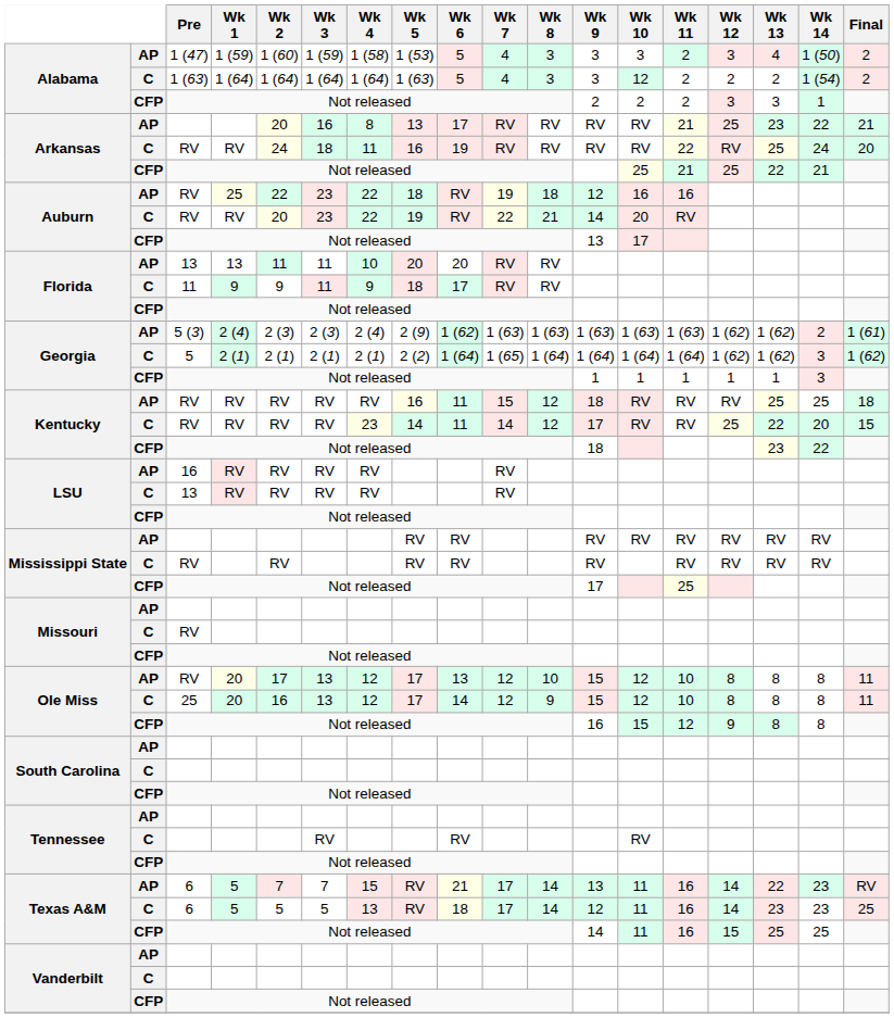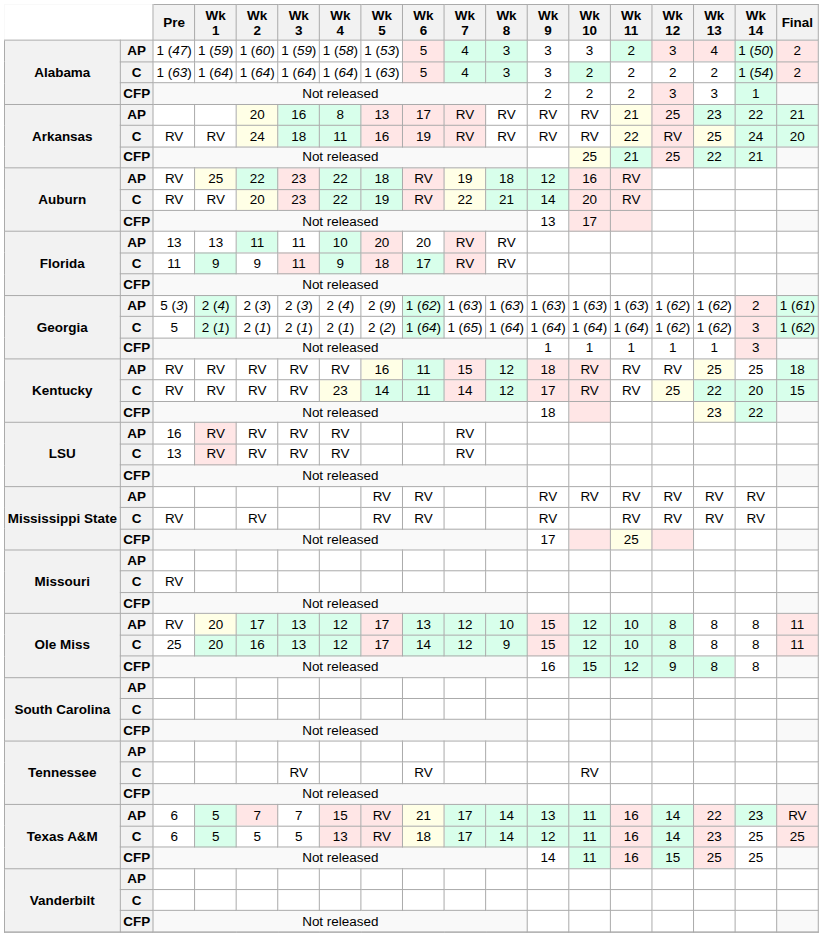 <table class="wikitable" style="white-space:nowrap;font-size:85%;">
 <tr>
 <th colspan=2 style="background:white; border-top-style:hidden; border-left-style:hidden;"> </th>
 <th>Pre</th>
 <th>Wk<br>1</th>
 <th>Wk<br>2</th>
 <th>Wk<br>3</th>
 <th>Wk<br>4</th>
 <th>Wk<br>5</th>
 <th>Wk<br>6</th>
 <th>Wk<br>7</th>
 <th>Wk<br>8</th>
 <th>Wk<br>9</th>
 <th>Wk<br>10</th>
 <th>Wk<br>11</th>
 <th>Wk<br>12</th>
 <th>Wk<br>13</th>
 <th>Wk<br>14</th>
 <th>Final</th>
 </tr>
 <tr style="text-align:center;">
 <th rowspan="3">Alabama</th>
 <th>AP</th>
 <td style="background:#FFF;">1 (<em>47</em>)</td>
 <td style="background:#FFF;">1 (<em>59</em>)</td>
 <td style="background:#FFF;">1 (<em>60</em>)</td>
 <td style="background:#FFF;">1 (<em>59</em>)</td>
 <td style="background:#FFF;">1 (<em>58</em>)</td>
 <td style="background:#FFF;">1 (<em>53</em>)</td>
 <td style="background:#ffe6e6;">5</td>
 <td style="background:#d8ffeb;">4</td>
 <td style="background:#d8ffeb;">3</td>
 <td style="background:#FFF;">3</td>
 <td style="background:#FFF;">3</td>
 <td style="background:#d8ffeb;">2</td>
 <td style="background:#ffe6e6;">3</td>
 <td style="background:#ffe6e6;">4</td>
 <td style="background:#d8ffeb;">1 (<em>50</em>)</td>
 <td style="background:#ffe6e6;">2</td>
 </tr>
 <tr style="text-align:center;">
 <th>C</th>
 <td style="background:#FFF;">1 (<em>63</em>)</td>
 <td style="background:#FFF;">1 (<em>64</em>)</td>
 <td style="background:#FFF;">1 (<em>64</em>)</td>
 <td style="background:#FFF;">1 (<em>64</em>)</td>
 <td style="background:#FFF;">1 (<em>64</em>)</td>
 <td style="background:#FFF;">1 (<em>63</em>)</td>
 <td style="background:#ffe6e6;">5</td>
 <td style="background:#d8ffeb;">4</td>
 <td style="background:#d8ffeb;">3</td>
 <td style="background:#FFF;">3</td>
-<td style="background:#d8ffeb;">12</td>
+<td style="background:#d8ffeb;">2</td>
 <td style="background:#FFF;">2</td>
 <td style="background:#FFF;">2</td>
 <td style="background:#FFF;">2</td>
 <td style="background:#d8ffeb;">1 (<em>54</em>)</td>
 <td style="background:#ffe6e6;">2</td>
 </tr>
 <tr style="text-align:center;">
 <th>CFP</th>
 <td colspan="9" style="text-align:center;">Not released</td>
 <td style="background:#FFF;">2</td>
 <td style="background:#FFF;">2</td>
 <td style="background:#FFF;">2</td>
 <td style="background:#ffe6e6;">3</td>
 <td style="background:#FFF;">3</td>
 <td style="background:#d8ffeb;">1</td>
 <td style="text-align:center;"></td>
 </tr>
 <tr style="text-align:center;">
 <th rowspan="3">Arkansas</th>
 <th>AP</th>
 <td style="background:#FFF;"></td>
 <td style="background:#FFF;"></td>
 <td style="background:#ffffe6;">20</td>
 <td style="background:#d8ffeb;">16</td>
 <td style="background:#d8ffeb;">8</td>
 <td style="background:#ffe6e6;">13</td>
 <td style="background:#ffe6e6;">17</td>
 <td style="background:#ffe6e6;">RV</td>
 <td style="background:#FFF;">RV</td>
 <td style="background:#FFF;">RV</td>
 <td style="background:#FFF;">RV</td>
 <td style="background:#ffffe6;">21</td>
 <td style="background:#ffe6e6;">25</td>
 <td style="background:#d8ffeb;">23</td>
 <td style="background:#d8ffeb;">22</td>
 <td style="background:#d8ffeb;">21</td>
 </tr>
 <tr style="text-align:center;">
 <th>C</th>
 <td style="background:#FFF;">RV</td>
 <td style="background:#FFF;">RV</td>
 <td style="background:#ffffe6;">24</td>
 <td style="background:#d8ffeb;">18</td>
 <td style="background:#d8ffeb;">11</td>
 <td style="background:#ffe6e6;">16</td>
 <td style="background:#ffe6e6;">19</td>
 <td style="background:#ffe6e6;">RV</td>
 <td style="background:#FFF;">RV</td>
 <td style="background:#FFF;">RV</td>
 <td style="background:#FFF;">RV</td>
 <td style="background:#ffffe6;">22</td>
 <td style="background:#ffe6e6;">RV</td>
 <td style="background:#ffffe6;">25</td>
 <td style="background:#d8ffeb;">24</td>
 <td style="background:#d8ffeb;">20</td>
 </tr>
 <tr style="text-align:center;">
 <th>CFP</th>
 <td colspan="9" style="text-align:center;">Not released</td>
 <td style="background:#FFF;"></td>
 <td style="background:#ffffe6;">25</td>
 <td style="background:#d8ffeb;">21</td>
 <td style="background:#ffe6e6;">25</td>
 <td style="background:#d8ffeb;">22</td>
 <td style="background:#d8ffeb;">21</td>
 <td style="text-align:center;"></td>
 </tr>
 <tr style="text-align:center;">
 <th rowspan="3">Auburn</th>
 <th>AP</th>
 <td style="background:#FFF;">RV</td>
 <td style="background:#ffffe6;">25</td>
 <td style="background:#d8ffeb;">22</td>
 <td style="background:#ffe6e6;">23</td>
 <td style="background:#d8ffeb;">22</td>
 <td style="background:#d8ffeb;">18</td>
 <td style="background:#ffe6e6;">RV</td>
 <td style="background:#ffffe6;">19</td>
 <td style="background:#d8ffeb;">18</td>
 <td style="background:#d8ffeb;">12</td>
 <td style="background:#ffe6e6;">16</td>
-<td style="background:#ffe6e6;">16</td>
+<td style="background:#ffe6e6;">RV</td>
 <td style="background:#FFF;"></td>
 <td style="background:#FFF;"></td>
 <td style="background:#FFF;"></td>
 <td style="background:#FFF;"></td>
 </tr>
 <tr style="text-align:center;">
 <th>C</th>
 <td style="background:#FFF;">RV</td>
 <td style="background:#FFF;">RV</td>
 <td style="background:#ffffe6;">20</td>
 <td style="background:#ffe6e6;">23</td>
 <td style="background:#d8ffeb;">22</td>
 <td style="background:#d8ffeb;">19</td>
 <td style="background:#ffe6e6;">RV</td>
 <td style="background:#ffffe6;">22</td>
 <td style="background:#d8ffeb;">21</td>
 <td style="background:#d8ffeb;">14</td>
 <td style="background:#ffe6e6;">20</td>
 <td style="background:#ffe6e6;">RV</td>
 <td style="background:#FFF;"></td>
 <td style="background:#FFF;"></td>
 <td style="background:#FFF;"></td>
 <td style="background:#FFF;"></td>
 </tr>
 <tr style="text-align:center;">
 <th>CFP</th>
 <td colspan="9" style="text-align:center;">Not released</td>
 <td style="background:#FFF;">13</td>
 <td style="background:#ffe6e6;">17</td>
 <td style="background:#ffe6e6;"></td>
 <td style="background:#FFF;"></td>
 <td style="background:#FFF;"></td>
 <td style="background:#FFF;"></td>
 <td style="text-align:center;"></td>
 </tr>
 <tr style="text-align:center;">
 <th rowspan="3">Florida</th>
 <th>AP</th>
 <td style="background:#FFF;">13</td>
 <td style="background:#FFF;">13</td>
 <td style="background:#d8ffeb;">11</td>
 <td style="background:#FFF;">11</td>
 <td style="background:#d8ffeb;">10</td>
 <td style="background:#ffe6e6;">20</td>
 <td style="background:#FFF;">20</td>
 <td style="background:#ffe6e6;">RV</td>
 <td style="background:#FFF;">RV</td>
 <td style="background:#FFF;"></td>
 <td style="background:#FFF;"></td>
 <td style="background:#FFF;"></td>
 <td style="background:#FFF;"></td>
 <td style="background:#FFF;"></td>
 <td style="background:#FFF;"></td>
 <td style="background:#FFF;"></td>
 </tr>
 <tr style="text-align:center;">
 <th>C</th>
 <td style="background:#FFF;">11</td>
 <td style="background:#d8ffeb;">9</td>
 <td style="background:#FFF;">9</td>
 <td style="background:#ffe6e6;">11</td>
 <td style="background:#d8ffeb;">9</td>
 <td style="background:#ffe6e6;">18</td>
 <td style="background:#d8ffeb;">17</td>
 <td style="background:#ffe6e6;">RV</td>
 <td style="background:#FFF;">RV</td>
 <td style="background:#FFF;"></td>
 <td style="background:#FFF;"></td>
 <td style="background:#FFF;"></td>
 <td style="background:#FFF;"></td>
 <td style="background:#FFF;"></td>
 <td style="background:#FFF;"></td>
 <td style="background:#FFF;"></td>
 </tr>
 <tr style="text-align:center;">
 <th>CFP</th>
 <td colspan="9" style="text-align:center;">Not released</td>
 <td style="background:#FFF;"></td>
 <td style="background:#FFF;"></td>
 <td style="background:#FFF;"></td>
 <td style="background:#FFF;"></td>
 <td style="background:#FFF;"></td>
 <td style="background:#FFF;"></td>
 <td style="text-align:center;"></td>
 </tr>
 <tr style="text-align:center;">
 <th rowspan="3">Georgia</th>
 <th>AP</th>
 <td style="background:#FFF;">5 (<em>3</em>)</td>
 <td style="background:#d8ffeb;">2 (<em>4</em>)</td>
 <td style="background:#FFF;">2 (<em>3</em>)</td>
 <td style="background:#FFF;">2 (<em>3</em>)</td>
 <td style="background:#FFF;">2 (<em>4</em>)</td>
 <td style="background:#FFF;">2 (<em>9</em>)</td>
 <td style="background:#d8ffeb;">1 (<em>62</em>)</td>
 <td style="background:#FFF;">1 (<em>63</em>)</td>
 <td style="background:#FFF;">1 (<em>63</em>)</td>
 <td style="background:#FFF;">1 (<em>63</em>)</td>
 <td style="background:#FFF;">1 (<em>63</em>)</td>
 <td style="background:#FFF;">1 (<em>63</em>)</td>
 <td style="background:#FFF;">1 (<em>62</em>)</td>
 <td style="background:#FFF;">1 (<em>62</em>)</td>
 <td style="background:#ffe6e6;">2</td>
 <td style="background:#d8ffeb;">1 (<em>61</em>)</td>
 </tr>
 <tr style="text-align:center;">
 <th>C</th>
 <td style="background:#FFF;">5</td>
 <td style="background:#d8ffeb;">2 (<em>1</em>)</td>
 <td style="background:#FFF;">2 (<em>1</em>)</td>
 <td style="background:#FFF;">2 (<em>1</em>)</td>
 <td style="background:#FFF;">2 (<em>1</em>)</td>
 <td style="background:#FFF;">2 (<em>2</em>)</td>
 <td style="background:#d8ffeb;">1 (<em>64</em>)</td>
 <td style="background:#FFF;">1 (<em>65</em>)</td>
 <td style="background:#FFF;">1 (<em>64</em>)</td>
 <td style="background:#FFF;">1 (<em>64</em>)</td>
 <td style="background:#FFF;">1 (<em>64</em>)</td>
 <td style="background:#FFF;">1 (<em>64</em>)</td>
 <td style="background:#FFF;">1 (<em>62</em>)</td>
 <td style="background:#FFF;">1 (<em>62</em>)</td>
 <td style="background:#ffe6e6;">3</td>
 <td style="background:#d8ffeb;">1 (<em>62</em>)</td>
 </tr>
 <tr style="text-align:center;">
 <th>CFP</th>
 <td colspan="9" style="text-align:center;">Not released</td>
 <td style="background:#FFF;">1</td>
 <td style="background:#FFF;">1</td>
 <td style="background:#FFF;">1</td>
 <td style="background:#FFF;">1</td>
 <td style="background:#FFF;">1</td>
 <td style="background:#ffe6e6;">3</td>
 <td style="text-align:center;"></td>
 </tr>
 <tr style="text-align:center;">
 <th rowspan="3">Kentucky</th>
 <th>AP</th>
 <td style="background:#FFF;">RV</td>
 <td style="background:#FFF;">RV</td>
 <td style="background:#FFF;">RV</td>
 <td style="background:#FFF;">RV</td>
 <td style="background:#FFF;">RV</td>
 <td style="background:#ffffe6;">16</td>
 <td style="background:#d8ffeb;">11</td>
 <td style="background:#ffe6e6;">15</td>
 <td style="background:#d8ffeb;">12</td>
 <td style="background:#ffe6e6;">18</td>
 <td style="background:#ffe6e6;">RV</td>
 <td style="background:#FFF;">RV</td>
 <td style="background:#FFF;">RV</td>
 <td style="background:#ffffe6;">25</td>
 <td style="background:#FFF;">25</td>
 <td style="background:#d8ffeb;">18</td>
 </tr>
 <tr style="text-align:center;">
 <th>C</th>
 <td style="background:#FFF;">RV</td>
 <td style="background:#FFF;">RV</td>
 <td style="background:#FFF;">RV</td>
 <td style="background:#FFF;">RV</td>
 <td style="background:#ffffe6;">23</td>
 <td style="background:#d8ffeb;">14</td>
 <td style="background:#d8ffeb;">11</td>
 <td style="background:#ffe6e6;">14</td>
 <td style="background:#d8ffeb;">12</td>
 <td style="background:#ffe6e6;">17</td>
 <td style="background:#ffe6e6;">RV</td>
 <td style="background:#FFF;">RV</td>
 <td style="background:#ffffe6;">25</td>
 <td style="background:#d8ffeb;">22</td>
 <td style="background:#d8ffeb;">20</td>
 <td style="background:#d8ffeb;">15</td>
 </tr>
 <tr style="text-align:center;">
 <th>CFP</th>
 <td colspan="9" style="text-align:center;">Not released</td>
 <td style="background:#FFF;">18</td>
 <td style="background:#ffe6e6;"></td>
 <td style="background:#FFF;"></td>
 <td style="background:#FFF;"></td>
 <td style="background:#ffffe6;">23</td>
 <td style="background:#d8ffeb;">22</td>
 <td style="text-align:center;"></td>
 </tr>
 <tr style="text-align:center;">
 <th rowspan="3">LSU</th>
 <th>AP</th>
 <td style="background:#FFF;">16</td>
 <td style="background:#ffe6e6;">RV</td>
 <td style="background:#FFF;">RV</td>
 <td style="background:#FFF;">RV</td>
 <td style="background:#FFF;">RV</td>
 <td style="background:#FFF;"></td>
 <td style="background:#FFF;"></td>
 <td style="background:#FFF;">RV</td>
 <td style="background:#FFF;"></td>
 <td style="background:#FFF;"></td>
 <td style="background:#FFF;"></td>
 <td style="background:#FFF;"></td>
 <td style="background:#FFF;"></td>
 <td style="background:#FFF;"></td>
 <td style="background:#FFF;"></td>
 <td style="background:#FFF;"></td>
 </tr>
 <tr style="text-align:center;">
 <th>C</th>
 <td style="background:#FFF;">13</td>
 <td style="background:#ffe6e6;">RV</td>
 <td style="background:#FFF;">RV</td>
 <td style="background:#FFF;">RV</td>
 <td style="background:#FFF;">RV</td>
 <td style="background:#FFF;"></td>
 <td style="background:#FFF;"></td>
 <td style="background:#FFF;">RV</td>
 <td style="background:#FFF;"></td>
 <td style="background:#FFF;"></td>
 <td style="background:#FFF;"></td>
 <td style="background:#FFF;"></td>
 <td style="background:#FFF;"></td>
 <td style="background:#FFF;"></td>
 <td style="background:#FFF;"></td>
 <td style="background:#FFF;"></td>
 </tr>
 <tr style="text-align:center;">
 <th>CFP</th>
 <td colspan="9" style="text-align:center;">Not released</td>
 <td style="background:#FFF;"></td>
 <td style="background:#FFF;"></td>
 <td style="background:#FFF;"></td>
 <td style="background:#FFF;"></td>
 <td style="background:#FFF;"></td>
 <td style="background:#FFF;"></td>
 <td style="text-align:center;"></td>
 </tr>
 <tr style="text-align:center;">
 <th rowspan="3">Mississippi State</th>
 <th>AP</th>
 <td style="background:#FFF;"></td>
 <td style="background:#FFF;"></td>
 <td style="background:#FFF;"></td>
 <td style="background:#FFF;"></td>
 <td style="background:#FFF;"></td>
 <td style="background:#FFF;">RV</td>
 <td style="background:#FFF;">RV</td>
 <td style="background:#FFF;"></td>
 <td style="background:#FFF;"></td>
 <td style="background:#FFF;">RV</td>
 <td style="background:#FFF;">RV</td>
 <td style="background:#FFF;">RV</td>
 <td style="background:#FFF;">RV</td>
 <td style="background:#FFF;">RV</td>
 <td style="background:#FFF;">RV</td>
 <td style="background:#FFF;"></td>
 </tr>
 <tr style="text-align:center;">
 <th>C</th>
 <td style="background:#FFF;">RV</td>
 <td style="background:#FFF;"></td>
 <td style="background:#FFF;">RV</td>
 <td style="background:#FFF;"></td>
 <td style="background:#FFF;"></td>
 <td style="background:#FFF;">RV</td>
 <td style="background:#FFF;">RV</td>
 <td style="background:#FFF;"></td>
 <td style="background:#FFF;"></td>
 <td style="background:#FFF;">RV</td>
 <td style="background:#FFF;"></td>
 <td style="background:#FFF;">RV</td>
 <td style="background:#FFF;">RV</td>
 <td style="background:#FFF;">RV</td>
 <td style="background:#FFF;">RV</td>
 <td style="background:#FFF;"></td>
 </tr>
 <tr style="text-align:center;">
 <th>CFP</th>
 <td colspan="9" style="text-align:center;">Not released</td>
 <td style="background:#FFF;">17</td>
 <td style="background:#ffe6e6;"></td>
 <td style="background:#ffffe6;">25</td>
 <td style="background:#ffe6e6;"></td>
 <td style="background:#FFF;"></td>
 <td style="background:#FFF;"></td>
 <td style="text-align:center;"></td>
 </tr>
 <tr style="text-align:center;">
 <th rowspan="3">Missouri</th>
 <th>AP</th>
 <td style="background:#FFF;"></td>
 <td style="background:#FFF;"></td>
 <td style="background:#FFF;"></td>
 <td style="background:#FFF;"></td>
 <td style="background:#FFF;"></td>
 <td style="background:#FFF;"></td>
 <td style="background:#FFF;"></td>
 <td style="background:#FFF;"></td>
 <td style="background:#FFF;"></td>
 <td style="background:#FFF;"></td>
 <td style="background:#FFF;"></td>
 <td style="background:#FFF;"></td>
 <td style="background:#FFF;"></td>
 <td style="background:#FFF;"></td>
 <td style="background:#FFF;"></td>
 <td style="background:#FFF;"></td>
 </tr>
 <tr style="text-align:center;">
 <th>C</th>
 <td style="background:#FFF;">RV</td>
 <td style="background:#FFF;"></td>
 <td style="background:#FFF;"></td>
 <td style="background:#FFF;"></td>
 <td style="background:#FFF;"></td>
 <td style="background:#FFF;"></td>
 <td style="background:#FFF;"></td>
 <td style="background:#FFF;"></td>
 <td style="background:#FFF;"></td>
 <td style="background:#FFF;"></td>
 <td style="background:#FFF;"></td>
 <td style="background:#FFF;"></td>
 <td style="background:#FFF;"></td>
 <td style="background:#FFF;"></td>
 <td style="background:#FFF;"></td>
 <td style="background:#FFF;"></td>
 </tr>
 <tr style="text-align:center;">
 <th>CFP</th>
 <td colspan="9" style="text-align:center;">Not released</td>
 <td style="background:#FFF;"></td>
 <td style="background:#FFF;"></td>
 <td style="background:#FFF;"></td>
 <td style="background:#FFF;"></td>
 <td style="background:#FFF;"></td>
 <td style="background:#FFF;"></td>
 <td style="text-align:center;"></td>
 </tr>
 <tr style="text-align:center;">
 <th rowspan="3">Ole Miss</th>
 <th>AP</th>
 <td style="background:#FFF;">RV</td>
 <td style="background:#ffffe6;">20</td>
 <td style="background:#d8ffeb;">17</td>
 <td style="background:#d8ffeb;">13</td>
 <td style="background:#d8ffeb;">12</td>
 <td style="background:#ffe6e6;">17</td>
 <td style="background:#d8ffeb;">13</td>
 <td style="background:#d8ffeb;">12</td>
 <td style="background:#d8ffeb;">10</td>
 <td style="background:#ffe6e6;">15</td>
 <td style="background:#d8ffeb;">12</td>
 <td style="background:#d8ffeb;">10</td>
 <td style="background:#d8ffeb;">8</td>
 <td style="background:#FFF;">8</td>
 <td style="background:#FFF;">8</td>
 <td style="background:#ffe6e6;">11</td>
 </tr>
 <tr style="text-align:center;">
 <th>C</th>
 <td style="background:#FFF;">25</td>
 <td style="background:#d8ffeb;">20</td>
 <td style="background:#d8ffeb;">16</td>
 <td style="background:#d8ffeb;">13</td>
 <td style="background:#d8ffeb;">12</td>
 <td style="background:#ffe6e6;">17</td>
 <td style="background:#d8ffeb;">14</td>
 <td style="background:#d8ffeb;">12</td>
 <td style="background:#d8ffeb;">9</td>
 <td style="background:#ffe6e6;">15</td>
 <td style="background:#d8ffeb;">12</td>
 <td style="background:#d8ffeb;">10</td>
 <td style="background:#d8ffeb;">8</td>
 <td style="background:#FFF;">8</td>
 <td style="background:#FFF;">8</td>
 <td style="background:#ffe6e6;">11</td>
 </tr>
 <tr style="text-align:center;">
 <th>CFP</th>
 <td colspan="9" style="text-align:center;">Not released</td>
 <td style="background:#FFF;">16</td>
 <td style="background:#d8ffeb;">15</td>
 <td style="background:#d8ffeb;">12</td>
 <td style="background:#d8ffeb;">9</td>
 <td style="background:#d8ffeb;">8</td>
 <td style="background:#FFF;">8</td>
 <td style="text-align:center;"></td>
 </tr>
 <tr style="text-align:center;">
 <th rowspan="3">South Carolina</th>
 <th>AP</th>
 <td style="background:#FFF;"></td>
 <td style="background:#FFF;"></td>
 <td style="background:#FFF;"></td>
 <td style="background:#FFF;"></td>
 <td style="background:#FFF;"></td>
 <td style="background:#FFF;"></td>
 <td style="background:#FFF;"></td>
 <td style="background:#FFF;"></td>
 <td style="background:#FFF;"></td>
 <td style="background:#FFF;"></td>
 <td style="background:#FFF;"></td>
 <td style="background:#FFF;"></td>
 <td style="background:#FFF;"></td>
 <td style="background:#FFF;"></td>
 <td style="background:#FFF;"></td>
 <td style="background:#FFF;"></td>
 </tr>
 <tr style="text-align:center;">
 <th>C</th>
 <td style="background:#FFF;"></td>
 <td style="background:#FFF;"></td>
 <td style="background:#FFF;"></td>
 <td style="background:#FFF;"></td>
 <td style="background:#FFF;"></td>
 <td style="background:#FFF;"></td>
 <td style="background:#FFF;"></td>
 <td style="background:#FFF;"></td>
 <td style="background:#FFF;"></td>
 <td style="background:#FFF;"></td>
 <td style="background:#FFF;"></td>
 <td style="background:#FFF;"></td>
 <td style="background:#FFF;"></td>
 <td style="background:#FFF;"></td>
 <td style="background:#FFF;"></td>
 <td style="background:#FFF;"></td>
 </tr>
 <tr style="text-align:center;">
 <th>CFP</th>
 <td colspan="9" style="text-align:center;">Not released</td>
 <td style="background:#FFF;"></td>
 <td style="background:#FFF;"></td>
 <td style="background:#FFF;"></td>
 <td style="background:#FFF;"></td>
 <td style="background:#FFF;"></td>
 <td style="background:#FFF;"></td>
 <td style="text-align:center;"></td>
 </tr>
 <tr style="text-align:center;">
 <th rowspan="3">Tennessee</th>
 <th>AP</th>
 <td style="background:#FFF;"></td>
 <td style="background:#FFF;"></td>
 <td style="background:#FFF;"></td>
 <td style="background:#FFF;"></td>
 <td style="background:#FFF;"></td>
 <td style="background:#FFF;"></td>
 <td style="background:#FFF;"></td>
 <td style="background:#FFF;"></td>
 <td style="background:#FFF;"></td>
 <td style="background:#FFF;"></td>
 <td style="background:#FFF;"></td>
 <td style="background:#FFF;"></td>
 <td style="background:#FFF;"></td>
 <td style="background:#FFF;"></td>
 <td style="background:#FFF;"></td>
 <td style="background:#FFF;"></td>
 </tr>
 <tr style="text-align:center;">
 <th>C</th>
 <td style="background:#FFF;"></td>
 <td style="background:#FFF;"></td>
 <td style="background:#FFF;"></td>
 <td style="background:#FFF;">RV</td>
 <td style="background:#FFF;"></td>
 <td style="background:#FFF;"></td>
 <td style="background:#FFF;">RV</td>
 <td style="background:#FFF;"></td>
 <td style="background:#FFF;"></td>
 <td style="background:#FFF;"></td>
 <td style="background:#FFF;">RV</td>
 <td style="background:#FFF;"></td>
 <td style="background:#FFF;"></td>
 <td style="background:#FFF;"></td>
 <td style="background:#FFF;"></td>
 <td style="background:#FFF;"></td>
 </tr>
 <tr style="text-align:center;">
 <th>CFP</th>
 <td colspan="9" style="text-align:center;">Not released</td>
 <td style="background:#FFF;"></td>
 <td style="background:#FFF;"></td>
 <td style="background:#FFF;"></td>
 <td style="background:#FFF;"></td>
 <td style="background:#FFF;"></td>
 <td style="background:#FFF;"></td>
 <td style="text-align:center;"></td>
 </tr>
 <tr style="text-align:center;">
 <th rowspan="3">Texas A&M</th>
 <th>AP</th>
 <td style="background:#FFF;">6</td>
 <td style="background:#d8ffeb;">5</td>
 <td style="background:#ffe6e6;">7</td>
 <td style="background:#FFF;">7</td>
 <td style="background:#ffe6e6;">15</td>
 <td style="background:#ffe6e6;">RV</td>
 <td style="background:#ffffe6;">21</td>
 <td style="background:#d8ffeb;">17</td>
 <td style="background:#d8ffeb;">14</td>
 <td style="background:#d8ffeb;">13</td>
 <td style="background:#d8ffeb;">11</td>
 <td style="background:#ffe6e6;">16</td>
 <td style="background:#d8ffeb;">14</td>
 <td style="background:#ffe6e6;">22</td>
 <td style="background:#d8ffeb;">23</td>
 <td style="background:#ffe6e6;">RV</td>
 </tr>
 <tr style="text-align:center;">
 <th>C</th>
 <td style="background:#FFF;">6</td>
 <td style="background:#d8ffeb;">5</td>
 <td style="background:#FFF;">5</td>
 <td style="background:#FFF;">5</td>
 <td style="background:#ffe6e6;">13</td>
 <td style="background:#ffe6e6;">RV</td>
 <td style="background:#ffffe6;">18</td>
 <td style="background:#d8ffeb;">17</td>
 <td style="background:#d8ffeb;">14</td>
 <td style="background:#d8ffeb;">12</td>
 <td style="background:#d8ffeb;">11</td>
 <td style="background:#ffe6e6;">16</td>
 <td style="background:#d8ffeb;">14</td>
 <td style="background:#ffe6e6;">23</td>
-<td style="background:#FFF;">23</td>
+<td style="background:#FFF;">25</td>
 <td style="background:#ffe6e6;">25</td>
 </tr>
 <tr style="text-align:center;">
 <th>CFP</th>
 <td colspan="9" style="text-align:center;">Not released</td>
 <td style="background:#FFF;">14</td>
 <td style="background:#d8ffeb;">11</td>
 <td style="background:#ffe6e6;">16</td>
 <td style="background:#d8ffeb;">15</td>
 <td style="background:#ffe6e6;">25</td>
 <td style="background:#FFF;">25</td>
 <td style="text-align:center;"></td>
 </tr>
 <tr style="text-align:center;">
 <th rowspan="3">Vanderbilt</th>
 <th>AP</th>
 <td style="background:#FFF;"></td>
 <td style="background:#FFF;"></td>
 <td style="background:#FFF;"></td>
 <td style="background:#FFF;"></td>
 <td style="background:#FFF;"></td>
 <td style="background:#FFF;"></td>
 <td style="background:#FFF;"></td>
 <td style="background:#FFF;"></td>
 <td style="background:#FFF;"></td>
 <td style="background:#FFF;"></td>
 <td style="background:#FFF;"></td>
 <td style="background:#FFF;"></td>
 <td style="background:#FFF;"></td>
 <td style="background:#FFF;"></td>
 <td style="background:#FFF;"></td>
 <td style="background:#FFF;"></td>
 </tr>
 <tr style="text-align:center;">
 <th>C</th>
 <td style="background:#FFF;"></td>
 <td style="background:#FFF;"></td>
 <td style="background:#FFF;"></td>
 <td style="background:#FFF;"></td>
 <td style="background:#FFF;"></td>
 <td style="background:#FFF;"></td>
 <td style="background:#FFF;"></td>
 <td style="background:#FFF;"></td>
 <td style="background:#FFF;"></td>
 <td style="background:#FFF;"></td>
 <td style="background:#FFF;"></td>
 <td style="background:#FFF;"></td>
 <td style="background:#FFF;"></td>
 <td style="background:#FFF;"></td>
 <td style="background:#FFF;"></td>
 <td style="background:#FFF;"></td>
 </tr>
 <tr style="text-align:center;">
 <th>CFP</th>
 <td colspan="9" style="text-align:center;">Not released</td>
 <td style="background:#FFF;"></td>
 <td style="background:#FFF;"></td>
 <td style="background:#FFF;"></td>
 <td style="background:#FFF;"></td>
 <td style="background:#FFF;"></td>
 <td style="background:#FFF;"></td>
 <td style="text-align:center;"></td>
 </tr>
 <tr style="text-align:center;">
 </tr>
 </table>
